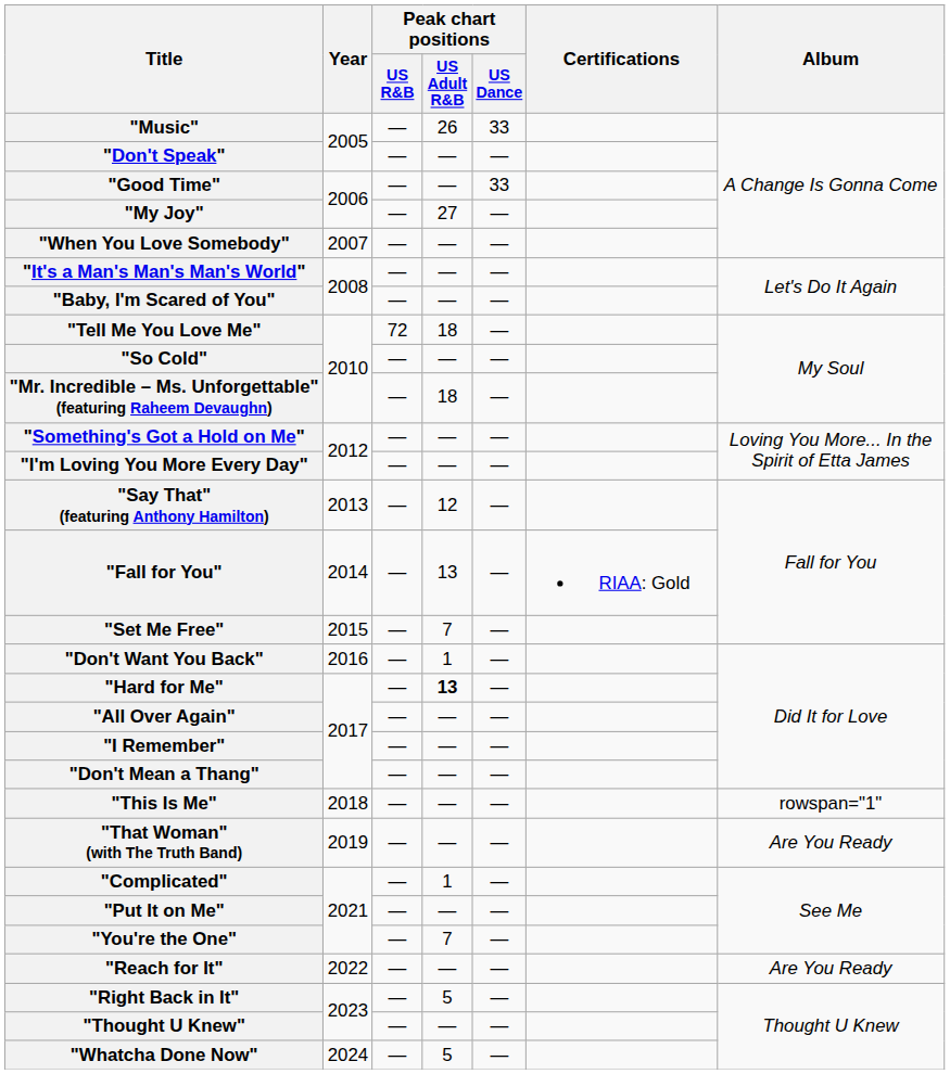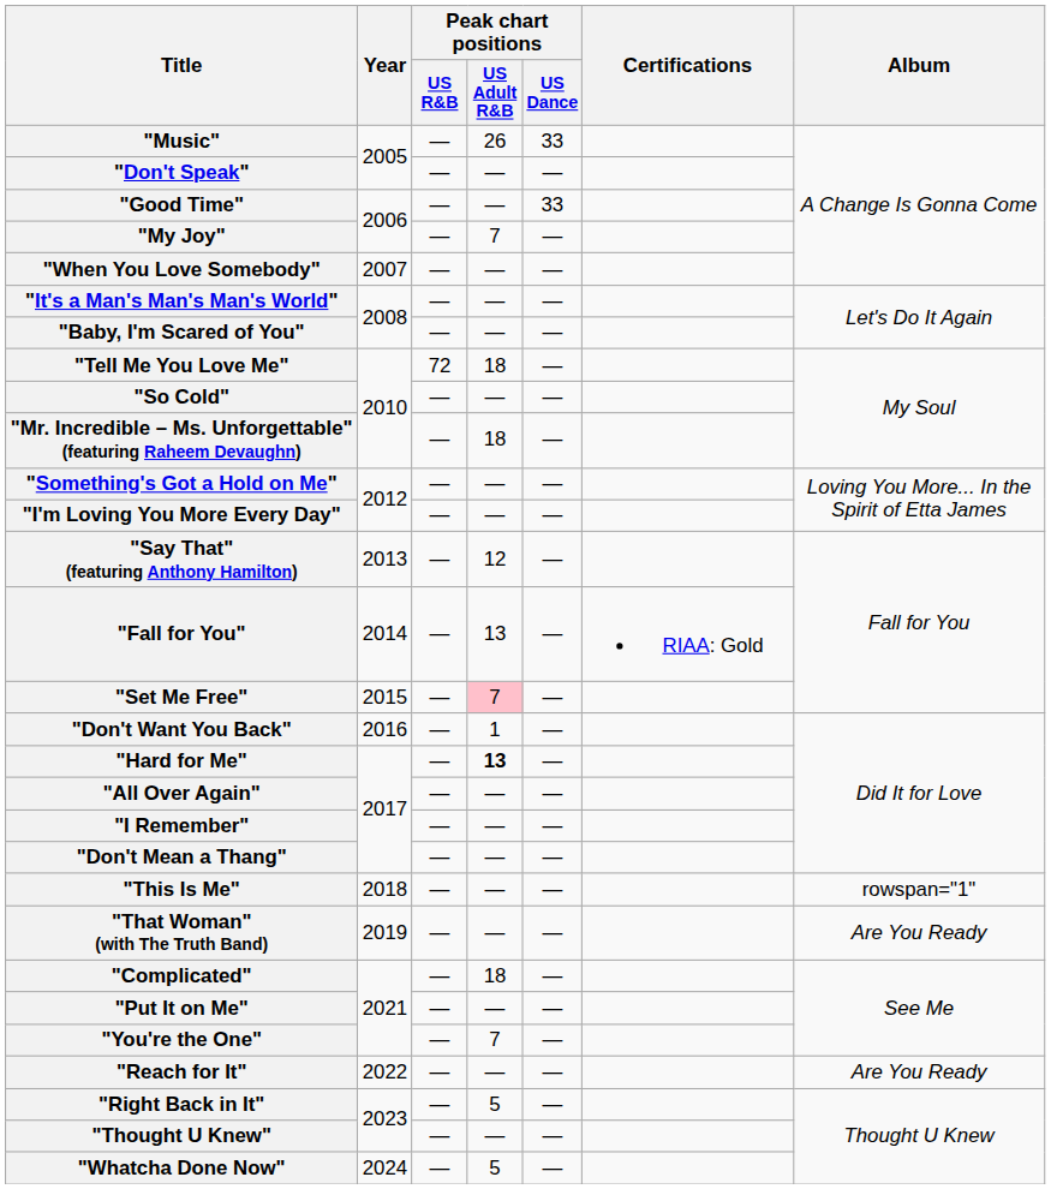 <table class="wikitable plainrowheaders" style="text-align:center;">
 <tr>
 <th scope="col" rowspan="2" style="width:17em;">Title</th>
 <th scope="col" rowspan="2">Year</th>
 <th scope="col" colspan="3">Peak chart positions</th>
 <th scope="col" rowspan="2" style="width:10em;">Certifications</th>
 <th scope="col" rowspan="2" style="width:12em;">Album</th>
 </tr>
 <tr>
 <th scope="col" style="width:2.75em;font-size:85%;"><a href='#'>US<br>R&B</a><br></th>
 <th scope="col" style="width:2.75em;font-size:85%;"><a href='#'>US<br>Adult R&B</a><br></th>
 <th scope="col" style="width:2.75em;font-size:85%;"><a href='#'>US<br>Dance</a><br></th>
 </tr>
 <tr>
 <th scope="row">"Music"</th>
 <td align="center" rowspan="2">2005</td>
 <td align="center">—</td>
 <td align="center">26</td>
 <td align="center">33</td>
 <td></td>
 <td align="center" rowspan="5"><em>A Change Is Gonna Come</em></td>
 </tr>
 <tr>
 <th scope="row">"<a href='#'>Don't Speak</a>"</th>
 <td align="center">—</td>
 <td align="center">—</td>
 <td align="center">—</td>
 <td></td>
 </tr>
 <tr>
 <th scope="row">"Good Time"</th>
 <td align="center" rowspan="2">2006</td>
 <td align="center">—</td>
 <td align="center">—</td>
 <td align="center">33</td>
 <td></td>
 </tr>
 <tr>
 <th scope="row">"My Joy"</th>
 <td align="center">—</td>
-<td align="center">27</td>
+<td align="center">7</td>
 <td align="center">—</td>
 <td></td>
 </tr>
 <tr>
 <th scope="row">"When You Love Somebody"</th>
 <td align="center">2007</td>
 <td align="center">—</td>
 <td align="center">—</td>
 <td align="center">—</td>
 <td></td>
 </tr>
 <tr>
 <th scope="row">"<a href='#'>It's a Man's Man's Man's World</a>"</th>
 <td align="center" rowspan="2">2008</td>
 <td align="center">—</td>
 <td align="center">—</td>
 <td align="center">—</td>
 <td></td>
 <td align="center" rowspan="2"><em>Let's Do It Again</em></td>
 </tr>
 <tr>
 <th scope="row">"Baby, I'm Scared of You"</th>
 <td align="center">—</td>
 <td align="center">—</td>
 <td align="center">—</td>
 <td></td>
 </tr>
 <tr>
 <th scope="row">"Tell Me You Love Me"</th>
 <td align="center" rowspan="3">2010</td>
 <td align="center">72</td>
 <td align="center">18</td>
 <td align="center">—</td>
 <td></td>
 <td align="center" rowspan="3"><em>My Soul</em></td>
 </tr>
 <tr>
 <th scope="row">"So Cold"</th>
 <td align="center">—</td>
 <td align="center">—</td>
 <td align="center">—</td>
 <td></td>
 </tr>
 <tr>
 <th scope="row">"Mr. Incredible – Ms. Unforgettable" <br> <small>(featuring <a href='#'>Raheem Devaughn</a>)</small></th>
 <td align="center">—</td>
 <td align="center">18</td>
 <td align="center">—</td>
 <td></td>
 </tr>
 <tr>
 <th scope="row">"<a href='#'>Something's Got a Hold on Me</a>"</th>
 <td align="center" rowspan="2">2012</td>
 <td align="center">—</td>
 <td align="center">—</td>
 <td align="center">—</td>
 <td></td>
 <td align="center" rowspan="2"><em>Loving You More... In the Spirit of Etta James</em></td>
 </tr>
 <tr>
 <th scope="row">"I'm Loving You More Every Day"</th>
 <td align="center">—</td>
 <td align="center">—</td>
 <td align="center">—</td>
 <td></td>
 </tr>
 <tr>
 <th scope="row">"Say That" <br><small>(featuring <a href='#'>Anthony Hamilton</a>)</small></th>
 <td align="center">2013</td>
 <td align="center">—</td>
 <td align="center">12</td>
 <td align="center">—</td>
 <td></td>
 <td align="center" rowspan="3"><em>Fall for You</em></td>
 </tr>
 <tr>
 <th scope="row">"Fall for You"</th>
 <td align="center">2014</td>
 <td align="center">—</td>
 <td align="center">13</td>
 <td align="center">—</td>
 <td><br><ul><li><a href='#'>RIAA</a>: Gold</li></ul></td>
 </tr>
 <tr>
 <th scope="row">"Set Me Free"</th>
 <td align="center">2015</td>
 <td align="center">—</td>
-<td align="center">7</td>
+<td align="center" style="background: pink;">7</td>
 <td align="center">—</td>
 <td></td>
 </tr>
 <tr>
 <th scope="row">"Don't Want You Back"</th>
 <td align="center">2016</td>
 <td align="center">—</td>
 <td align="center">1</td>
 <td align="center">—</td>
 <td></td>
 <td align="center" rowspan="5"><em>Did It for Love</em></td>
 </tr>
 <tr>
 <th scope="row">"Hard for Me"</th>
 <td align="center" rowspan="4">2017</td>
 <td align="center">—</td>
 <td align="center"><strong>13</strong></td>
 <td align="center">—</td>
 <td></td>
 </tr>
 <tr>
 <th scope="row">"All Over Again"</th>
 <td align="center">—</td>
 <td align="center">—</td>
 <td align="center">—</td>
 <td></td>
 </tr>
 <tr>
 <th scope="row">"I Remember"</th>
 <td align="center">—</td>
 <td align="center">—</td>
 <td align="center">—</td>
 <td></td>
 </tr>
 <tr>
 <th scope="row">"Don't Mean a Thang"</th>
 <td align="center">—</td>
 <td align="center">—</td>
 <td align="center">—</td>
 <td></td>
 </tr>
 <tr>
 <th scope="row">"This Is Me"</th>
 <td align="center" rowspan="1">2018</td>
 <td align="center">—</td>
 <td align="center">—</td>
 <td align="center">—</td>
 <td></td>
 <td>rowspan="1" </td>
 </tr>
 <tr>
 <th scope="row">"That Woman" <br> <small>(with The Truth Band)</small></th>
 <td align="center" rowspan="1">2019</td>
 <td align="center">—</td>
 <td align="center">—</td>
 <td align="center">—</td>
 <td></td>
 <td align="center" rowspan="1"><em>Are You Ready</em></td>
 </tr>
 <tr>
 <th scope="row">"Complicated"</th>
 <td align="center" rowspan="3">2021</td>
 <td align="center">—</td>
-<td align="center">1</td>
+<td align="center">18</td>
 <td align="center">—</td>
 <td></td>
 <td align="center" rowspan="3"><em>See Me</em></td>
 </tr>
 <tr>
 <th scope="row">"Put It on Me"</th>
 <td align="center">—</td>
 <td align="center">—</td>
 <td align="center">—</td>
 <td></td>
 </tr>
 <tr>
 <th scope="row">"You're the One"</th>
 <td align="center">—</td>
 <td align="center">7</td>
 <td align="center">—</td>
 <td></td>
 </tr>
 <tr>
 <th scope="row">"Reach for It"</th>
 <td align="center" rowspan="1">2022</td>
 <td align="center">—</td>
 <td align="center">—</td>
 <td align="center">—</td>
 <td></td>
 <td align="center" rowspan="1"><em>Are You Ready</em></td>
 </tr>
 <tr>
 <th scope="row">"Right Back in It"</th>
 <td align="center" rowspan="2">2023</td>
 <td align="center">—</td>
 <td align="center">5</td>
 <td align="center">—</td>
 <td></td>
 <td align="center" rowspan="3"><em>Thought U Knew</em></td>
 </tr>
 <tr>
 <th scope="row">"Thought U Knew"</th>
 <td align="center">—</td>
 <td align="center">—</td>
 <td align="center">—</td>
 <td></td>
 </tr>
 <tr>
 <th scope="row">"Whatcha Done Now"</th>
 <td align="center" rowspan="1">2024</td>
 <td align="center">—</td>
 <td align="center">5</td>
 <td align="center">—</td>
 <td></td>
 </tr>
 <tr>
 </tr>
 </table>
